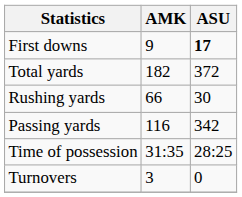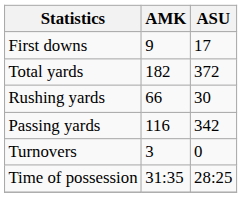 <table class="wikitable" style="float: left;">
 <tr>
 <th>Statistics</th>
 <th>AMK</th>
 <th>ASU</th>
 </tr>
 <tr>
 <td>First downs</td>
 <td>9</td>
-<td><strong>17</strong></td>
+<td>17</td>
 </tr>
 <tr>
 <td>Total yards</td>
 <td>182</td>
 <td>372</td>
 </tr>
 <tr>
 <td>Rushing yards</td>
 <td>66</td>
 <td>30</td>
 </tr>
 <tr>
 <td>Passing yards</td>
 <td>116</td>
 <td>342</td>
 </tr>
 <tr>
+<td>Turnovers</td>
+<td>3</td>
+<td>0</td>
+</tr>
+<tr>
 <td>Time of possession</td>
 <td>31:35</td>
 <td>28:25</td>
 </tr>
 <tr>
-<td>Turnovers</td>
-<td>3</td>
-<td>0</td>
-</tr>
-<tr>
 </tr>
 </table>
